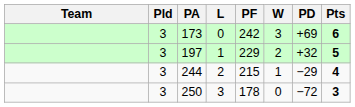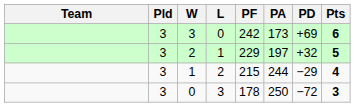 <table class=wikitable style="text-align:center">
 <tr>
 <th width=180>Team</th>
 <th width=30>Pld</th>
-<th width=30>PA</th>
+<th width=30>W</th>
 <th width=30>L</th>
 <th width=30>PF</th>
-<th width=30>W</th>
+<th width=30>PA</th>
 <th width=30>PD</th>
 <th width=30>Pts</th>
 </tr>
 <tr bgcolor="#ccffcc">
 <td align="left"></td>
 <td>3</td>
-<td>173</td>
+<td>3</td>
 <td>0</td>
 <td>242</td>
-<td>3</td>
+<td>173</td>
 <td>+69</td>
 <td><strong>6</strong></td>
 </tr>
 <tr bgcolor="#ccffcc">
 <td align="left"></td>
 <td>3</td>
-<td>197</td>
+<td>2</td>
 <td>1</td>
 <td>229</td>
-<td>2</td>
+<td>197</td>
 <td>+32</td>
 <td><strong>5</strong></td>
 </tr>
 <tr>
 <td align="left"></td>
 <td>3</td>
-<td>244</td>
+<td>1</td>
 <td>2</td>
 <td>215</td>
-<td>1</td>
+<td>244</td>
 <td>−29</td>
 <td><strong>4</strong></td>
 </tr>
 <tr>
 <td align="left"></td>
 <td>3</td>
-<td>250</td>
+<td>0</td>
 <td>3</td>
 <td>178</td>
-<td>0</td>
+<td>250</td>
 <td>−72</td>
 <td><strong>3</strong></td>
 </tr>
 </table>
